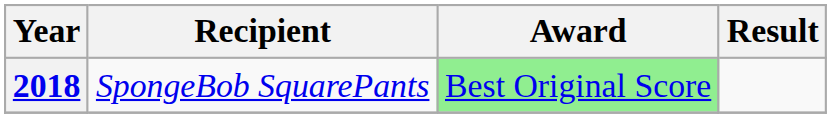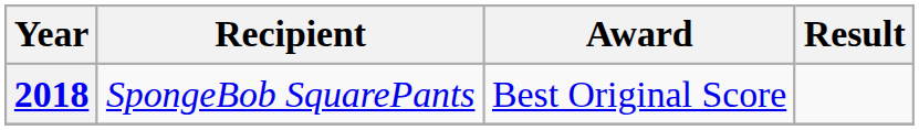 <table class="wikitable" style="text-align:center">
 <tr>
 <th>Year</th>
 <th>Recipient</th>
 <th>Award</th>
 <th>Result</th>
 </tr>
 <tr>
 <th><a href='#'>2018</a></th>
 <td><em><a href='#'>SpongeBob SquarePants</a></em></td>
-<td style="background: lightgreen;"><a href='#'>Best Original Score</a></td>
+<td><a href='#'>Best Original Score</a></td>
 <td></td>
 </tr>
 <tr>
 </tr>
 </table>
